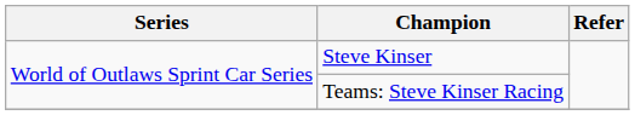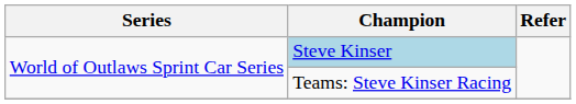 <table class="wikitable" style="font-size:87%;">
 <tr>
 <th>Series</th>
 <th>Champion</th>
 <th>Refer</th>
 </tr>
 <tr>
 <td rowspan=2><a href='#'>World of Outlaws Sprint Car Series</a></td>
-<td> <a href='#'>Steve Kinser</a></td>
+<td style="background: lightblue;"> <a href='#'>Steve Kinser</a></td>
 <td rowspan=2></td>
 </tr>
 <tr>
 <td>Teams:  <a href='#'>Steve Kinser Racing</a></td>
 </tr>
 <tr>
 </tr>
 </table>
